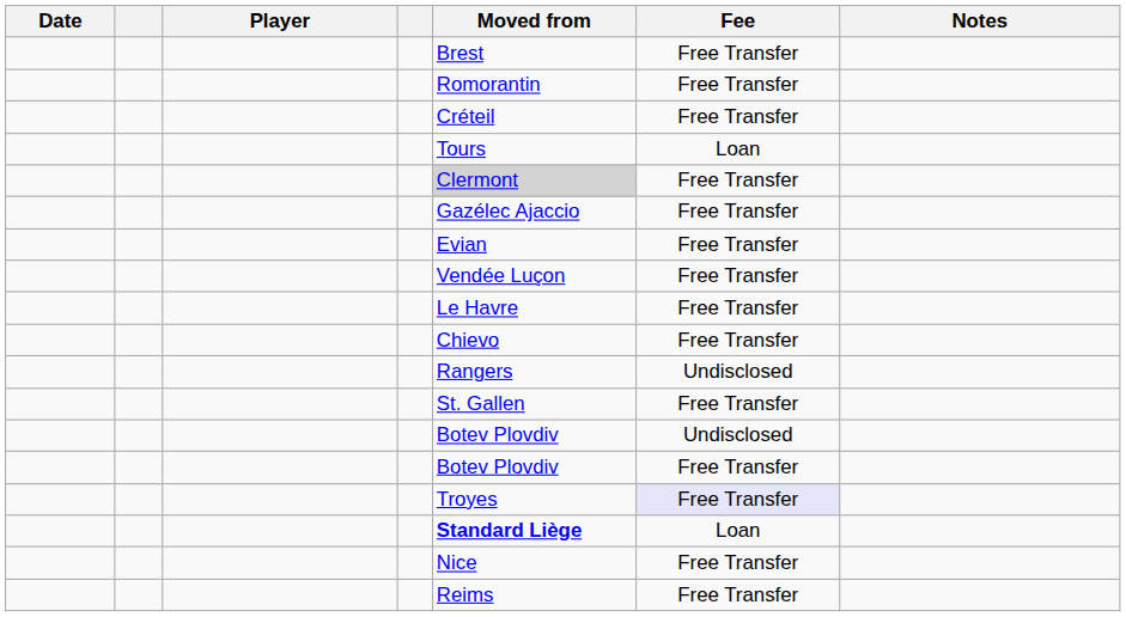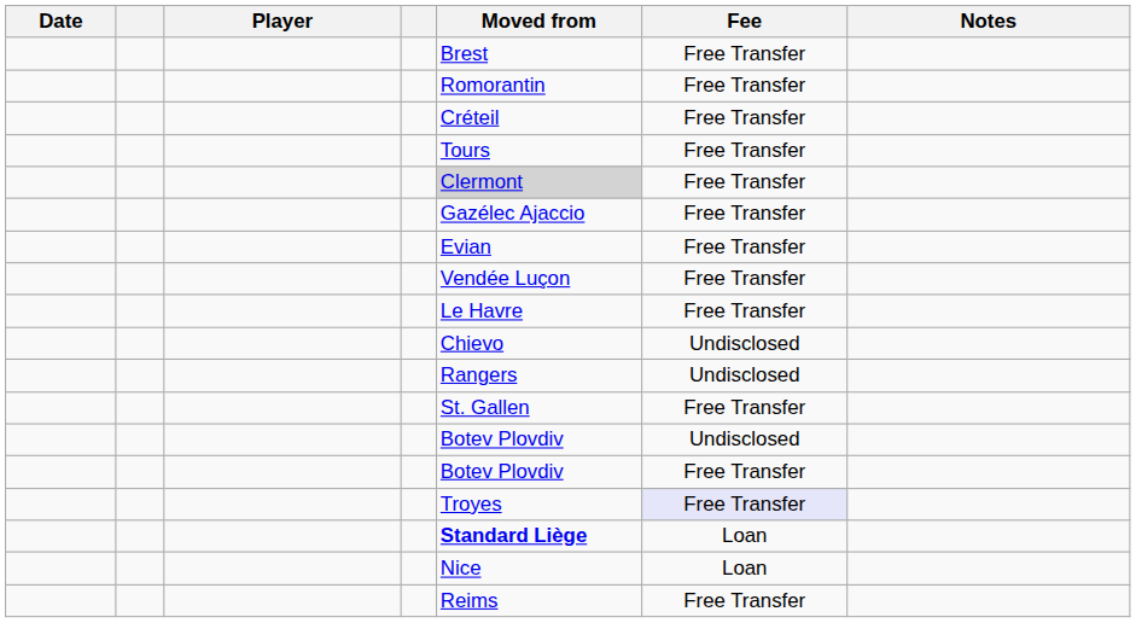 <table class="wikitable sortable">
 <tr>
 <th style="width:80px;">Date</th>
 <th style="width:30px;"></th>
 <th style="width:180px;">Player</th>
 <th style="width:20px;"></th>
 <th style="width:155px;">Moved from</th>
 <th style="width:155px;" class="unsortable">Fee</th>
 <th style="width:215px;" class="unsortable">Notes</th>
 </tr>
 <tr>
 <td></td>
 <td align=center></td>
 <td> </td>
 <td></td>
 <td> <a href='#'>Brest</a></td>
 <td align=center>Free Transfer</td>
 <td align=center></td>
 </tr>
 <tr>
 <td></td>
 <td align=center></td>
 <td> </td>
 <td></td>
 <td> <a href='#'>Romorantin</a></td>
 <td align=center>Free Transfer</td>
 <td align=center></td>
 </tr>
 <tr>
 <td></td>
 <td align=center></td>
 <td> </td>
 <td></td>
 <td> <a href='#'>Créteil</a></td>
 <td align=center>Free Transfer</td>
 <td align=center></td>
 </tr>
 <tr>
 <td></td>
 <td align=center></td>
 <td> </td>
 <td></td>
 <td> <a href='#'>Tours</a></td>
-<td align=center>Loan</td>
+<td align=center>Free Transfer</td>
 <td align=center></td>
 </tr>
 <tr>
 <td></td>
 <td align=center></td>
 <td> </td>
 <td></td>
 <td style="background: lightgrey;"> <a href='#'>Clermont</a></td>
 <td align=center>Free Transfer</td>
 <td align=center></td>
 </tr>
 <tr>
 <td></td>
 <td align=center></td>
 <td> </td>
 <td></td>
 <td> <a href='#'>Gazélec Ajaccio</a></td>
 <td align=center>Free Transfer</td>
 <td align=center></td>
 </tr>
 <tr>
 <td></td>
 <td align=center></td>
 <td> </td>
 <td></td>
 <td> <a href='#'>Evian</a></td>
 <td align=center>Free Transfer</td>
 <td align=center></td>
 </tr>
 <tr>
 <td></td>
 <td align=center></td>
 <td> </td>
 <td></td>
 <td> <a href='#'>Vendée Luçon</a></td>
 <td align=center>Free Transfer</td>
 <td align=center></td>
 </tr>
 <tr>
 <td></td>
 <td align=center></td>
 <td> </td>
 <td></td>
 <td> <a href='#'>Le Havre</a></td>
 <td align=center>Free Transfer</td>
 <td align=center></td>
 </tr>
 <tr>
 <td></td>
 <td align=center></td>
 <td> </td>
 <td></td>
 <td> <a href='#'>Chievo</a></td>
-<td align=center>Free Transfer</td>
+<td align=center>Undisclosed</td>
 <td align=center></td>
 </tr>
 <tr>
 <td></td>
 <td align=center></td>
 <td> </td>
 <td></td>
 <td> <a href='#'>Rangers</a></td>
 <td align=center>Undisclosed</td>
 <td align=center></td>
 </tr>
 <tr>
 <td></td>
 <td align=center></td>
 <td> </td>
 <td></td>
 <td> <a href='#'>St. Gallen</a></td>
 <td align=center>Free Transfer</td>
 <td align=center></td>
 </tr>
 <tr>
 <td></td>
 <td align=center></td>
 <td> </td>
 <td></td>
 <td> <a href='#'>Botev Plovdiv</a></td>
 <td align=center>Undisclosed</td>
 <td align=center></td>
 </tr>
 <tr>
 <td></td>
 <td align=center></td>
 <td> </td>
 <td></td>
 <td> <a href='#'>Botev Plovdiv</a></td>
 <td align=center>Free Transfer</td>
 <td align=center></td>
 </tr>
 <tr>
 <td></td>
 <td align=center></td>
 <td> </td>
 <td></td>
 <td> <a href='#'>Troyes</a></td>
 <td align=center style="background: lavender;">Free Transfer</td>
 <td align=center></td>
 </tr>
 <tr>
 <td></td>
 <td align=center></td>
 <td> </td>
 <td></td>
 <td><strong> <a href='#'>Standard Liège</a></strong></td>
 <td align=center>Loan</td>
 <td align=center></td>
 </tr>
 <tr>
 <td></td>
 <td align=center></td>
 <td> </td>
 <td></td>
 <td> <a href='#'>Nice</a></td>
-<td align=center>Free Transfer</td>
+<td align=center>Loan</td>
 <td align=center></td>
 </tr>
 <tr>
 <td></td>
 <td align=center></td>
 <td> </td>
 <td></td>
 <td> <a href='#'>Reims</a></td>
 <td align=center>Free Transfer</td>
 <td align=center></td>
 </tr>
 </table>
